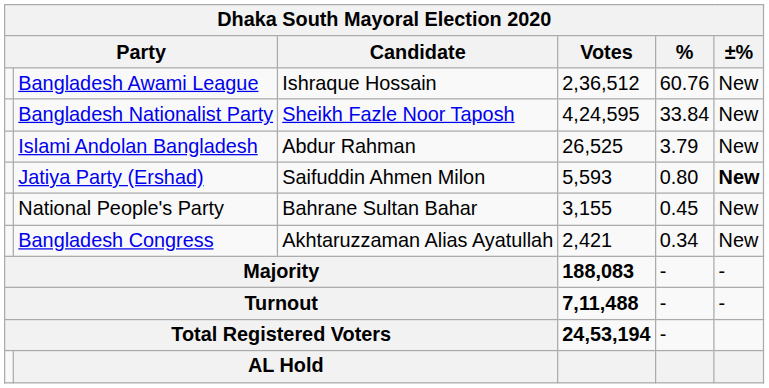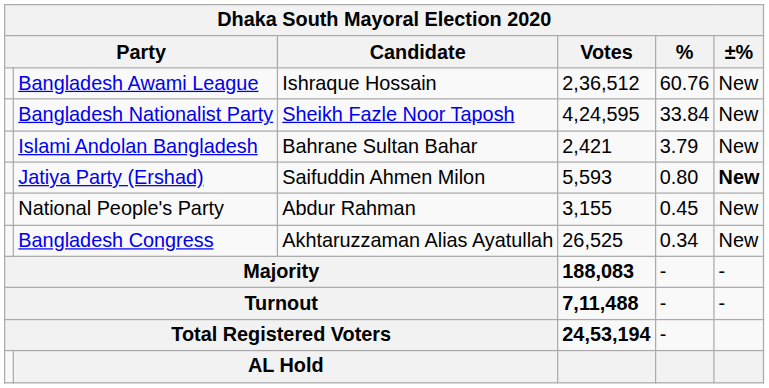 <table class="wikitable" style=text-align:left>
 <tr>
 <th style=text-align:center colspan="6">Dhaka South Mayoral Election 2020</th>
 </tr>
 <tr>
 <th colspan="2">Party</th>
 <th>Candidate</th>
 <th>Votes</th>
 <th>%</th>
 <th>±%</th>
 </tr>
 <tr>
 <td style="background-color:"></td>
 <td><a href='#'>Bangladesh Awami League</a></td>
 <td>Ishraque Hossain</td>
 <td>2,36,512</td>
 <td>60.76</td>
 <td>New</td>
 </tr>
 <tr>
 <td style="background-color:"></td>
 <td><a href='#'>Bangladesh Nationalist Party</a></td>
 <td><a href='#'>Sheikh Fazle Noor Taposh</a></td>
 <td>4,24,595</td>
 <td>33.84</td>
 <td>New</td>
 </tr>
 <tr>
 <td style="background-color:"></td>
 <td><a href='#'>Islami Andolan Bangladesh</a></td>
-<td>Abdur Rahman</td>
-<td>26,525</td>
+<td>Bahrane Sultan Bahar</td>
+<td>2,421</td>
 <td>3.79</td>
 <td>New</td>
 </tr>
 <tr>
 <td style="background-color:"></td>
 <td><a href='#'>Jatiya Party (Ershad)</a></td>
 <td>Saifuddin Ahmen Milon</td>
 <td>5,593</td>
 <td>0.80</td>
 <td><strong>New</strong></td>
 </tr>
 <tr>
 <td style="background-color:"></td>
 <td>National People's Party</td>
-<td>Bahrane Sultan Bahar</td>
+<td>Abdur Rahman</td>
 <td>3,155</td>
 <td>0.45</td>
 <td>New</td>
 </tr>
 <tr>
 <td style="background-color:"></td>
 <td><a href='#'>Bangladesh Congress</a></td>
 <td>Akhtaruzzaman Alias Ayatullah</td>
-<td>2,421</td>
+<td>26,525</td>
 <td>0.34</td>
 <td>New</td>
 </tr>
 <tr>
 <th align=right colspan=3>Majority</th>
 <td><strong>188,083</strong></td>
 <td>-</td>
 <td>-</td>
 </tr>
 <tr>
 <th align=right colspan=3>Turnout</th>
 <td><strong>7,11,488</strong></td>
 <td>-</td>
 <td>-</td>
 </tr>
 <tr>
 <th align=right colspan=3>Total Registered Voters</th>
 <td><strong>24,53,194</strong></td>
 <td>-</td>
 <td></td>
 </tr>
 <tr>
 <td style="background-color:"></td>
 <th align=left colspan=2>AL Hold</th>
 <th></th>
 <th align=left></th>
 <th></th>
 </tr>
 </table>
